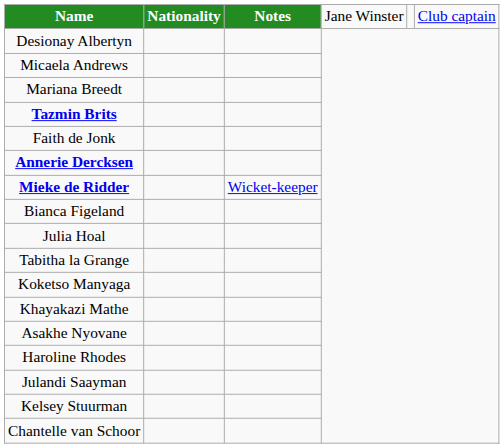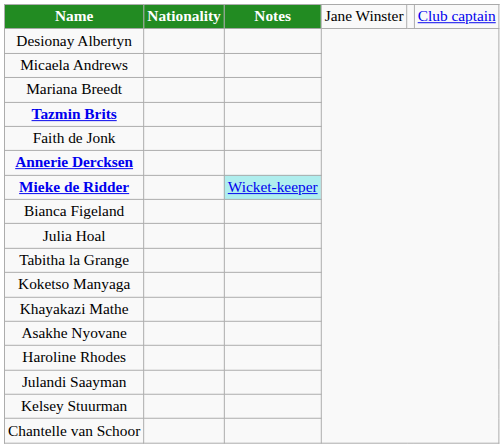 <table class="wikitable sortable">
 <tr>
 <th style="background:#228B22; color:white" scope="col" rowspan="2">Name</th>
 <th style="background:#228B22; color:white" scope="col" rowspan="2">Nationality</th>
 <th style="background:#228B22; color:white" scope="col" rowspan="2">Notes</th>
 </tr>
 <tr>
 <td style="text-align:center">Jane Winster</td>
 <td></td>
 <td><a href='#'>Club captain</a></td>
 </tr>
 <tr>
 <td style="text-align:center">Desionay Albertyn</td>
 <td></td>
 <td></td>
 </tr>
 <tr>
 <td style="text-align:center">Micaela Andrews</td>
 <td></td>
 <td></td>
 </tr>
 <tr>
 <td style="text-align:center">Mariana Breedt</td>
 <td></td>
 <td></td>
 </tr>
 <tr>
 <td style="text-align:center"><strong><a href='#'>Tazmin Brits</a></strong></td>
 <td></td>
 <td></td>
 </tr>
 <tr>
 <td style="text-align:center">Faith de Jonk</td>
 <td></td>
 <td></td>
 </tr>
 <tr>
 <td style="text-align:center"><strong><a href='#'>Annerie Dercksen</a></strong></td>
 <td></td>
 <td></td>
 </tr>
 <tr>
 <td style="text-align:center"><strong><a href='#'>Mieke de Ridder</a></strong></td>
 <td></td>
-<td><a href='#'>Wicket-keeper</a></td>
+<td style="background: paleturquoise;"><a href='#'>Wicket-keeper</a></td>
 </tr>
 <tr>
 <td style="text-align:center">Bianca Figeland</td>
 <td></td>
 <td></td>
 </tr>
 <tr>
 <td style="text-align:center">Julia Hoal</td>
 <td></td>
 <td></td>
 </tr>
 <tr>
 <td style="text-align:center">Tabitha la Grange</td>
 <td></td>
 <td></td>
 </tr>
 <tr>
 <td style="text-align:center">Koketso Manyaga</td>
 <td></td>
 <td></td>
 </tr>
 <tr>
 <td style="text-align:center">Khayakazi Mathe</td>
 <td></td>
 <td></td>
 </tr>
 <tr>
 <td style="text-align:center">Asakhe Nyovane</td>
 <td></td>
 <td></td>
 </tr>
 <tr>
 <td style="text-align:center">Haroline Rhodes</td>
 <td></td>
 <td></td>
 </tr>
 <tr>
 <td style="text-align:center">Julandi Saayman</td>
 <td></td>
 <td></td>
 </tr>
 <tr>
 <td style="text-align:center">Kelsey Stuurman</td>
 <td></td>
 <td></td>
 </tr>
 <tr>
 <td style="text-align:center">Chantelle van Schoor</td>
 <td></td>
 <td></td>
 </tr>
 </table>
